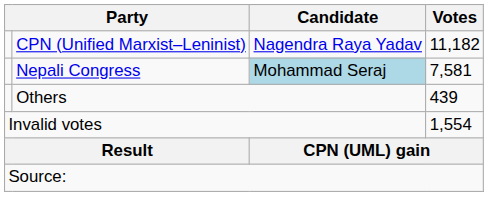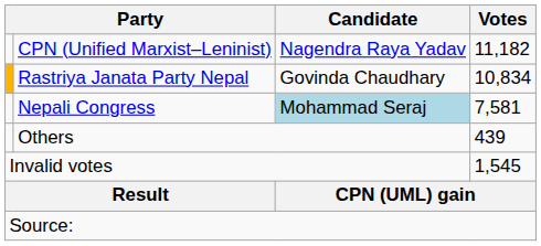 <table class="wikitable">
 <tr>
 <th colspan="2">Party</th>
 <th>Candidate</th>
 <th>Votes</th>
 </tr>
 <tr>
 <td style="background-color:"></td>
 <td><a href='#'>CPN (Unified Marxist–Leninist)</a></td>
 <td><a href='#'>Nagendra Raya Yadav</a></td>
 <td>11,182</td>
+</tr>
+<tr>
+<td style="background-color:#ffb300"></td>
+<td><a href='#'>Rastriya Janata Party Nepal</a></td>
+<td>Govinda Chaudhary</td>
+<td>10,834</td>
 </tr>
 <tr>
 <td style="background-color:"></td>
 <td><a href='#'>Nepali Congress</a></td>
 <td style="background: lightblue;">Mohammad Seraj</td>
 <td>7,581</td>
 </tr>
 <tr>
 <td></td>
 <td colspan="2">Others</td>
 <td>439</td>
 </tr>
 <tr>
 <td colspan="3">Invalid votes</td>
-<td>1,554</td>
+<td>1,545</td>
 </tr>
 <tr>
 <th colspan="2">Result</th>
 <th colspan="2">CPN (UML) gain</th>
 </tr>
 <tr>
 <td colspan="4">Source: </td>
 </tr>
 </table>
